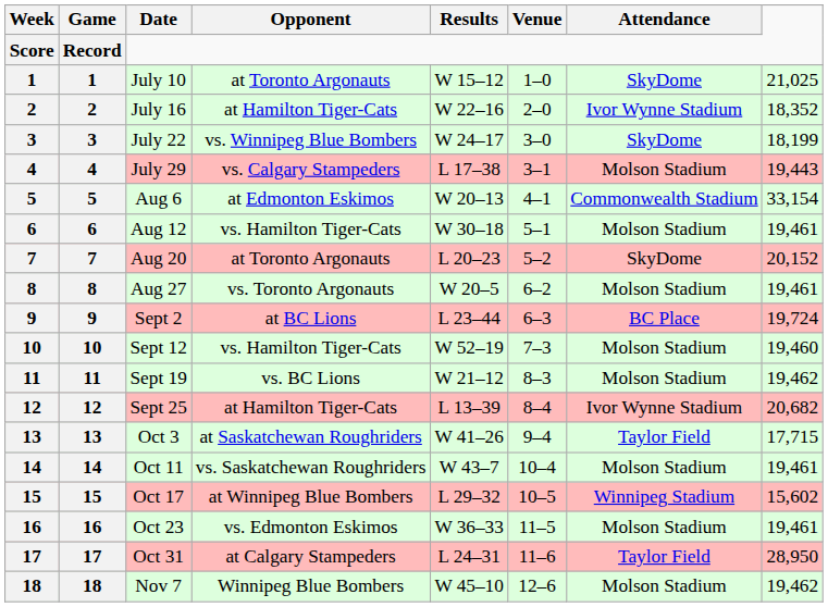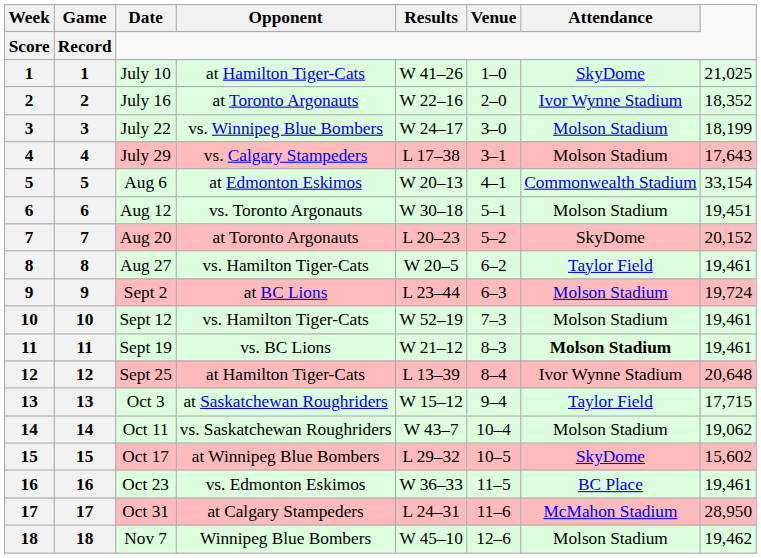 <table class="wikitable" style="text-align:center">
 <tr>
 <th>Week</th>
 <th>Game</th>
 <th>Date</th>
 <th>Opponent</th>
 <th>Results</th>
 <th>Venue</th>
 <th>Attendance</th>
 </tr>
 <tr>
 <th>Score</th>
 <th>Record</th>
 </tr>
 <tr style="background:#ddffdd">
 <th>1</th>
 <th>1</th>
 <td>July 10</td>
-<td>at <a href='#'>Toronto Argonauts</a></td>
-<td>W 15–12</td>
+<td>at <a href='#'>Hamilton Tiger-Cats</a></td>
+<td>W 41–26</td>
 <td>1–0</td>
 <td><a href='#'>SkyDome</a></td>
 <td>21,025</td>
 </tr>
 <tr style="background:#ddffdd">
 <th>2</th>
 <th>2</th>
 <td>July 16</td>
-<td>at <a href='#'>Hamilton Tiger-Cats</a></td>
+<td>at <a href='#'>Toronto Argonauts</a></td>
 <td>W 22–16</td>
 <td>2–0</td>
 <td><a href='#'>Ivor Wynne Stadium</a></td>
 <td>18,352</td>
 </tr>
 <tr style="background:#ddffdd">
 <th>3</th>
 <th>3</th>
 <td>July 22</td>
 <td>vs. <a href='#'>Winnipeg Blue Bombers</a></td>
 <td>W 24–17</td>
 <td>3–0</td>
-<td><a href='#'>SkyDome</a></td>
+<td><a href='#'>Molson Stadium</a></td>
 <td>18,199</td>
 </tr>
 <tr style="background:#ffbbbb">
 <th>4</th>
 <th>4</th>
 <td>July 29</td>
 <td>vs. <a href='#'>Calgary Stampeders</a></td>
 <td>L 17–38</td>
 <td>3–1</td>
 <td>Molson Stadium</td>
-<td>19,443</td>
+<td>17,643</td>
 </tr>
 <tr style="background:#ddffdd">
 <th>5</th>
 <th>5</th>
 <td>Aug 6</td>
 <td>at <a href='#'>Edmonton Eskimos</a></td>
 <td>W 20–13</td>
 <td>4–1</td>
 <td><a href='#'>Commonwealth Stadium</a></td>
 <td>33,154</td>
 </tr>
 <tr style="background:#ddffdd">
 <th>6</th>
 <th>6</th>
 <td>Aug 12</td>
-<td>vs. Hamilton Tiger-Cats</td>
+<td>vs. Toronto Argonauts</td>
 <td>W 30–18</td>
 <td>5–1</td>
 <td>Molson Stadium</td>
-<td>19,461</td>
+<td>19,451</td>
 </tr>
 <tr style="background:#ffbbbb">
 <th>7</th>
 <th>7</th>
 <td>Aug 20</td>
 <td>at Toronto Argonauts</td>
 <td>L 20–23</td>
 <td>5–2</td>
 <td>SkyDome</td>
 <td>20,152</td>
 </tr>
 <tr style="background:#ddffdd">
 <th>8</th>
 <th>8</th>
 <td>Aug 27</td>
-<td>vs. Toronto Argonauts</td>
+<td>vs. Hamilton Tiger-Cats</td>
 <td>W 20–5</td>
 <td>6–2</td>
-<td>Molson Stadium</td>
+<td><a href='#'>Taylor Field</a></td>
 <td>19,461</td>
 </tr>
 <tr style="background:#ffbbbb">
 <th>9</th>
 <th>9</th>
 <td>Sept 2</td>
 <td>at <a href='#'>BC Lions</a></td>
 <td>L 23–44</td>
 <td>6–3</td>
-<td><a href='#'>BC Place</a></td>
+<td><a href='#'>Molson Stadium</a></td>
 <td>19,724</td>
 </tr>
 <tr style="background:#ddffdd">
 <th>10</th>
 <th>10</th>
 <td>Sept 12</td>
 <td>vs. Hamilton Tiger-Cats</td>
 <td>W 52–19</td>
 <td>7–3</td>
 <td>Molson Stadium</td>
-<td>19,460</td>
+<td>19,461</td>
 </tr>
 <tr style="background:#ddffdd">
 <th>11</th>
 <th>11</th>
 <td>Sept 19</td>
 <td>vs. BC Lions</td>
 <td>W 21–12</td>
 <td>8–3</td>
-<td>Molson Stadium</td>
-<td>19,462</td>
+<td><strong>Molson Stadium</strong></td>
+<td>19,461</td>
 </tr>
 <tr style="background:#ffbbbb">
 <th>12</th>
 <th>12</th>
 <td>Sept 25</td>
 <td>at Hamilton Tiger-Cats</td>
 <td>L 13–39</td>
 <td>8–4</td>
 <td>Ivor Wynne Stadium</td>
-<td>20,682</td>
+<td>20,648</td>
 </tr>
 <tr style="background:#ddffdd">
 <th>13</th>
 <th>13</th>
 <td>Oct 3</td>
 <td>at <a href='#'>Saskatchewan Roughriders</a></td>
-<td>W 41–26</td>
+<td>W 15–12</td>
 <td>9–4</td>
 <td><a href='#'>Taylor Field</a></td>
 <td>17,715</td>
 </tr>
 <tr style="background:#ddffdd">
 <th>14</th>
 <th>14</th>
 <td>Oct 11</td>
 <td>vs. Saskatchewan Roughriders</td>
 <td>W 43–7</td>
 <td>10–4</td>
 <td>Molson Stadium</td>
-<td>19,461</td>
+<td>19,062</td>
 </tr>
 <tr style="background:#ffbbbb">
 <th>15</th>
 <th>15</th>
 <td>Oct 17</td>
 <td>at Winnipeg Blue Bombers</td>
 <td>L 29–32</td>
 <td>10–5</td>
-<td><a href='#'>Winnipeg Stadium</a></td>
+<td><a href='#'>SkyDome</a></td>
 <td>15,602</td>
 </tr>
 <tr style="background:#ddffdd">
 <th>16</th>
 <th>16</th>
 <td>Oct 23</td>
 <td>vs. Edmonton Eskimos</td>
 <td>W 36–33</td>
 <td>11–5</td>
-<td>Molson Stadium</td>
+<td><a href='#'>BC Place</a></td>
 <td>19,461</td>
 </tr>
 <tr style="background:#ffbbbb">
 <th>17</th>
 <th>17</th>
 <td>Oct 31</td>
 <td>at Calgary Stampeders</td>
 <td>L 24–31</td>
 <td>11–6</td>
-<td><a href='#'>Taylor Field</a></td>
+<td><a href='#'>McMahon Stadium</a></td>
 <td>28,950</td>
 </tr>
 <tr style="background:#ddffdd">
 <th>18</th>
 <th>18</th>
 <td>Nov 7</td>
 <td>Winnipeg Blue Bombers</td>
 <td>W 45–10</td>
 <td>12–6</td>
 <td>Molson Stadium</td>
 <td>19,462</td>
 </tr>
 </table>
